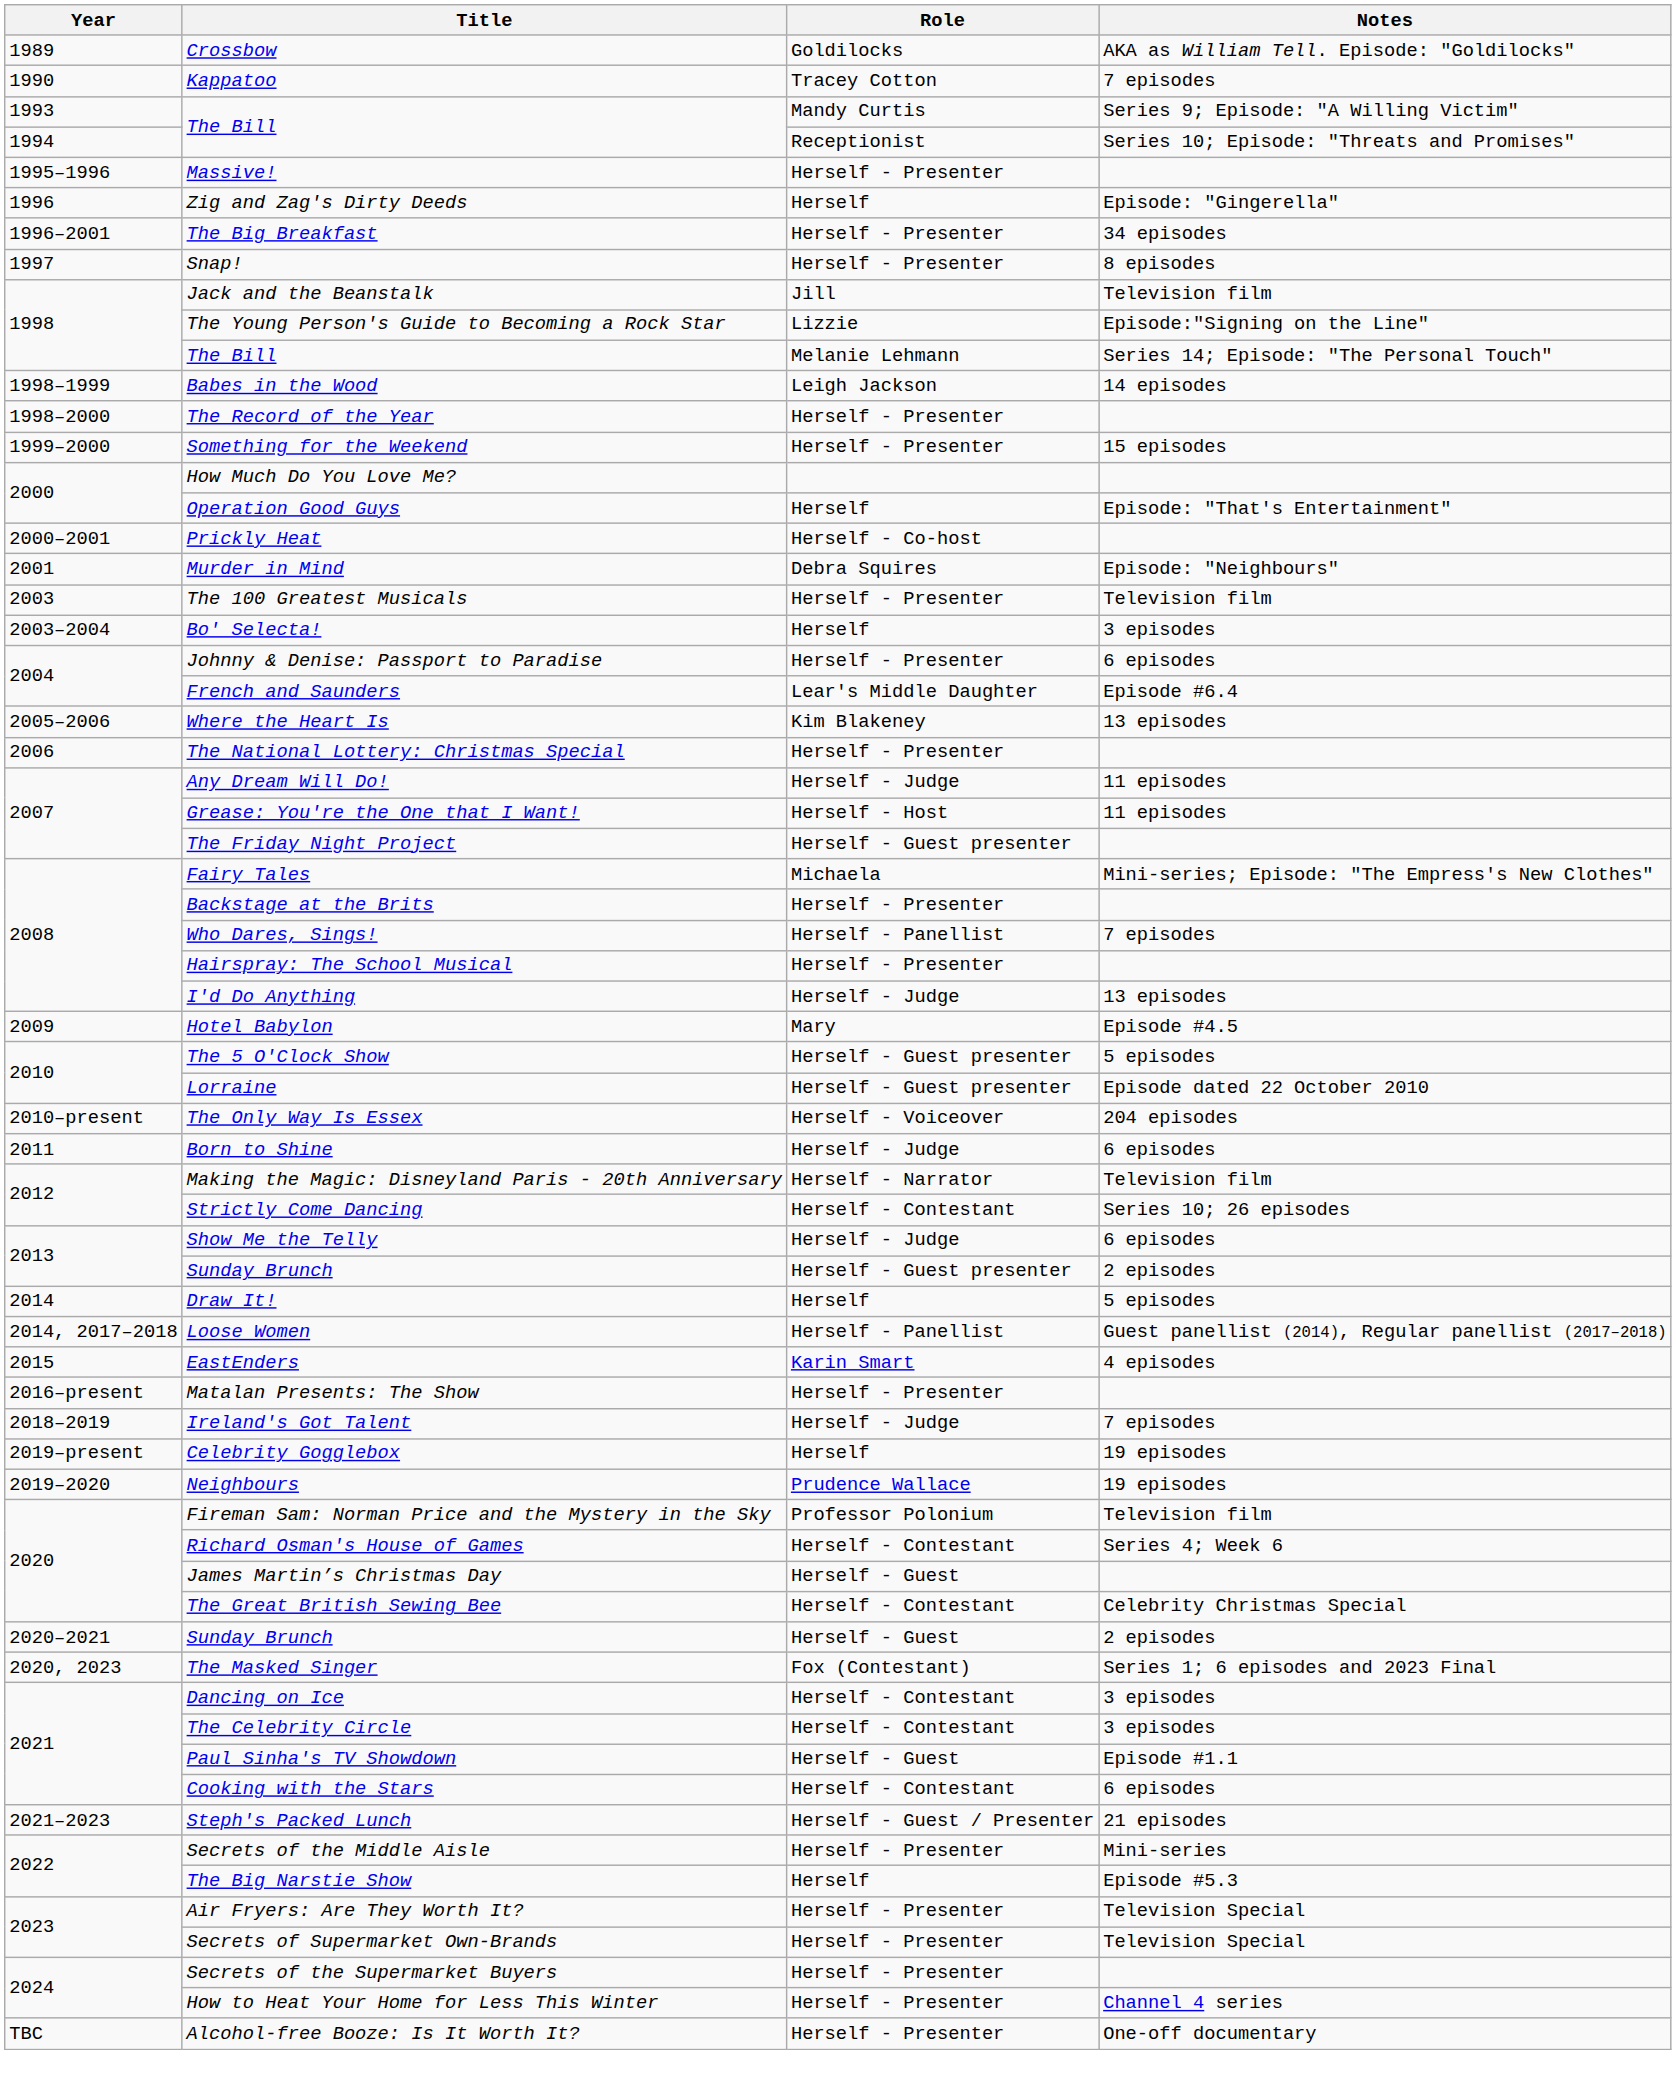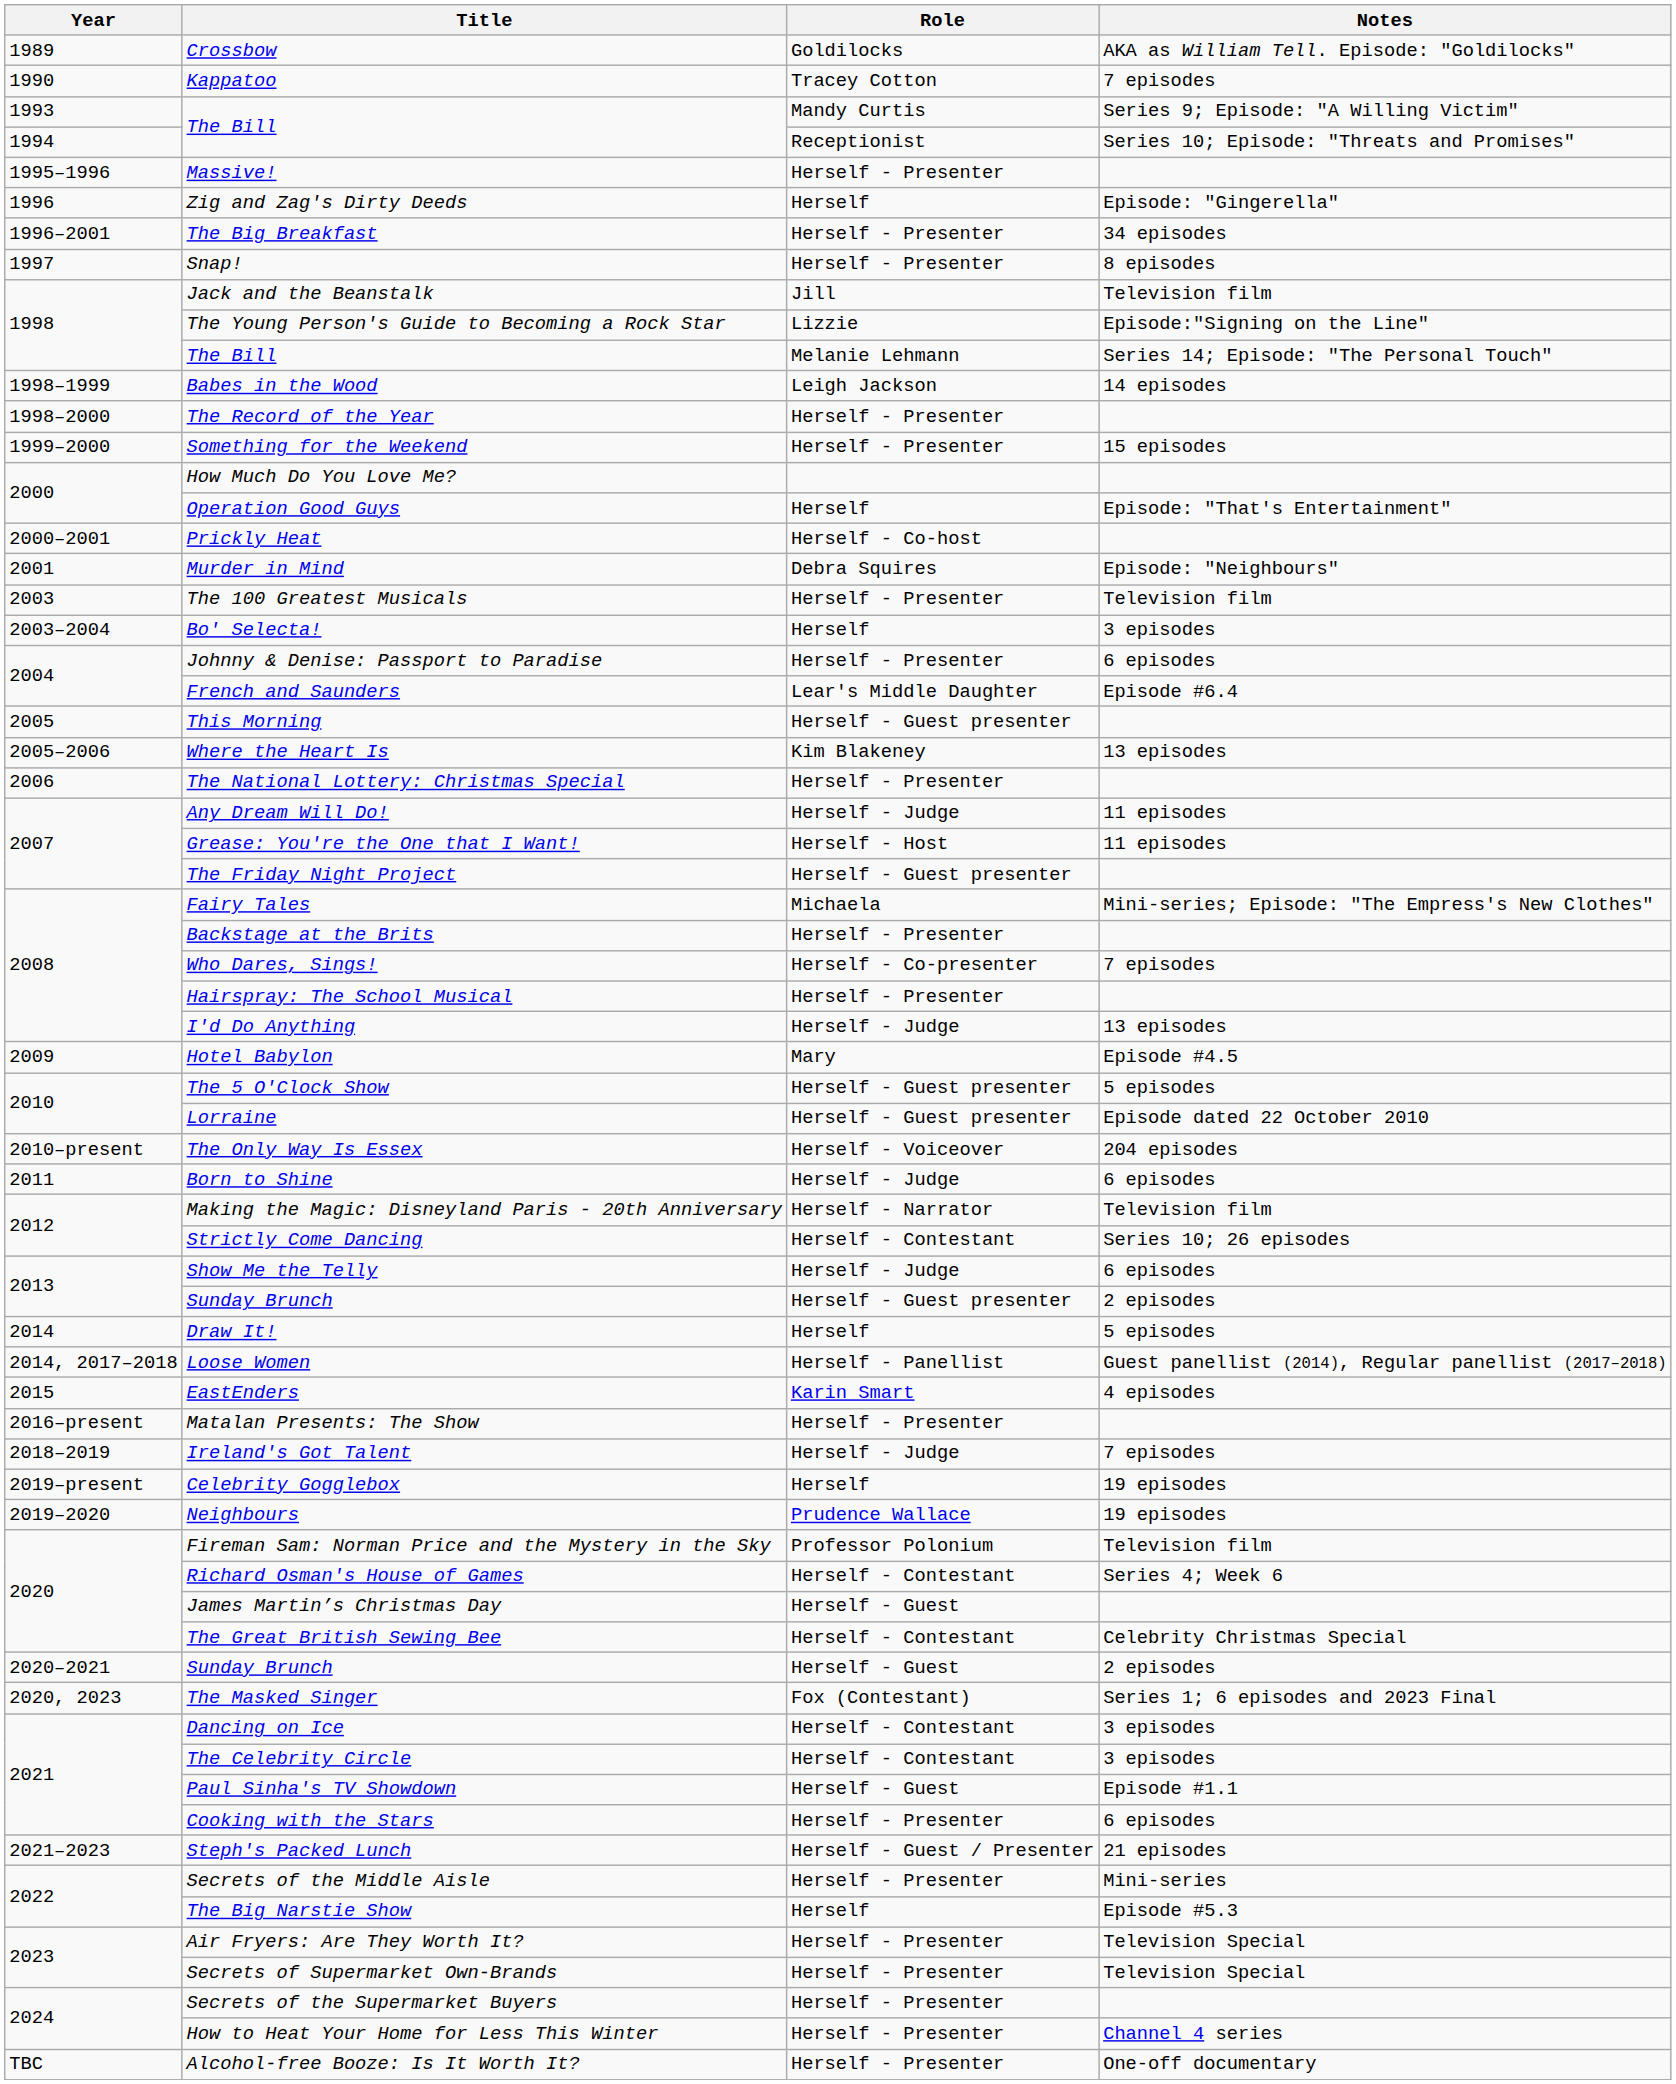 <table class="wikitable sortable">
 <tr>
 <th>Year</th>
 <th>Title</th>
 <th>Role</th>
 <th class="unsortable">Notes</th>
 </tr>
 <tr>
 <td>1989</td>
 <td><em><a href='#'>Crossbow</a></em></td>
 <td>Goldilocks</td>
 <td>AKA as <em>William Tell</em>. Episode: "Goldilocks"</td>
 </tr>
 <tr>
 <td>1990</td>
 <td><em><a href='#'>Kappatoo</a></em></td>
 <td>Tracey Cotton</td>
 <td>7 episodes</td>
 </tr>
 <tr>
 <td>1993</td>
 <td rowspan=2><em><a href='#'>The Bill</a></em></td>
 <td>Mandy Curtis</td>
 <td>Series 9; Episode: "A Willing Victim"</td>
 </tr>
 <tr>
 <td>1994</td>
 <td>Receptionist</td>
 <td>Series 10; Episode: "Threats and Promises"</td>
 </tr>
 <tr>
 <td>1995–1996</td>
 <td><em><a href='#'>Massive!</a></em></td>
 <td>Herself - Presenter</td>
 <td></td>
 </tr>
 <tr>
 <td>1996</td>
 <td><em>Zig and Zag's Dirty Deeds</em></td>
 <td>Herself</td>
 <td>Episode: "Gingerella"</td>
 </tr>
 <tr>
 <td>1996–2001</td>
 <td><em><a href='#'>The Big Breakfast</a></em></td>
 <td>Herself - Presenter</td>
 <td>34 episodes</td>
 </tr>
 <tr>
 <td>1997</td>
 <td><em>Snap!</em></td>
 <td>Herself - Presenter</td>
 <td>8 episodes</td>
 </tr>
 <tr>
 <td rowspan=3>1998</td>
 <td><em>Jack and the Beanstalk</em></td>
 <td>Jill</td>
 <td>Television film</td>
 </tr>
 <tr>
 <td><em>The Young Person's Guide to Becoming a Rock Star</em></td>
 <td>Lizzie</td>
 <td>Episode:"Signing on the Line"</td>
 </tr>
 <tr>
 <td><em><a href='#'>The Bill</a></em></td>
 <td>Melanie Lehmann</td>
 <td>Series 14; Episode: "The Personal Touch"</td>
 </tr>
 <tr>
 <td>1998–1999</td>
 <td><em><a href='#'>Babes in the Wood</a></em></td>
 <td>Leigh Jackson</td>
 <td>14 episodes</td>
 </tr>
 <tr>
 <td>1998–2000</td>
 <td><em><a href='#'>The Record of the Year</a></em></td>
 <td>Herself - Presenter</td>
 <td></td>
 </tr>
 <tr>
 <td>1999–2000</td>
 <td><em><a href='#'>Something for the Weekend</a></em></td>
 <td>Herself - Presenter</td>
 <td>15 episodes</td>
 </tr>
 <tr>
 <td rowspan=2>2000</td>
 <td><em>How Much Do You Love Me?</em></td>
 <td></td>
 <td></td>
 </tr>
 <tr>
 <td><em><a href='#'>Operation Good Guys</a></em></td>
 <td>Herself</td>
 <td>Episode: "That's Entertainment"</td>
 </tr>
 <tr>
 <td>2000–2001</td>
 <td><em><a href='#'>Prickly Heat</a></em></td>
 <td>Herself - Co-host</td>
 <td></td>
 </tr>
 <tr>
 <td>2001</td>
 <td><em><a href='#'>Murder in Mind</a></em></td>
 <td>Debra Squires</td>
 <td>Episode: "Neighbours"</td>
 </tr>
 <tr>
 <td>2003</td>
 <td><em>The 100 Greatest Musicals</em></td>
 <td>Herself - Presenter</td>
 <td>Television film</td>
 </tr>
 <tr>
 <td>2003–2004</td>
 <td><em><a href='#'>Bo' Selecta!</a></em></td>
 <td>Herself</td>
 <td>3 episodes</td>
 </tr>
 <tr>
 <td rowspan=2>2004</td>
 <td><em>Johnny & Denise: Passport to Paradise</em></td>
 <td>Herself - Presenter</td>
 <td>6 episodes</td>
 </tr>
 <tr>
 <td><em><a href='#'>French and Saunders</a></em></td>
 <td>Lear's Middle Daughter</td>
 <td>Episode #6.4</td>
 </tr>
 <tr>
+<td>2005</td>
+<td><em><a href='#'>This Morning</a></em></td>
+<td>Herself - Guest presenter</td>
+<td></td>
+</tr>
+<tr>
 <td>2005–2006</td>
 <td><em><a href='#'>Where the Heart Is</a></em></td>
 <td>Kim Blakeney</td>
 <td>13 episodes</td>
 </tr>
 <tr>
 <td>2006</td>
 <td><em><a href='#'>The National Lottery: Christmas Special</a></em></td>
 <td>Herself - Presenter</td>
 <td></td>
 </tr>
 <tr>
 <td rowspan=3>2007</td>
 <td><em><a href='#'>Any Dream Will Do!</a></em></td>
 <td>Herself - Judge</td>
 <td>11 episodes</td>
 </tr>
 <tr>
 <td><em><a href='#'>Grease: You're the One that I Want!</a></em></td>
 <td>Herself - Host</td>
 <td>11 episodes</td>
 </tr>
 <tr>
 <td><em><a href='#'>The Friday Night Project</a></em></td>
 <td>Herself - Guest presenter</td>
 <td></td>
 </tr>
 <tr>
 <td rowspan=5>2008</td>
 <td><em><a href='#'>Fairy Tales</a></em></td>
 <td>Michaela</td>
 <td>Mini-series; Episode: "The Empress's New Clothes"</td>
 </tr>
 <tr>
 <td><em><a href='#'>Backstage at the Brits</a></em></td>
 <td>Herself - Presenter</td>
 <td></td>
 </tr>
 <tr>
 <td><em><a href='#'>Who Dares, Sings!</a></em></td>
-<td>Herself - Panellist</td>
+<td>Herself - Co-presenter</td>
 <td>7 episodes</td>
 </tr>
 <tr>
 <td><em><a href='#'>Hairspray: The School Musical</a></em></td>
 <td>Herself - Presenter</td>
 <td></td>
 </tr>
 <tr>
 <td><em><a href='#'>I'd Do Anything</a></em></td>
 <td>Herself - Judge</td>
 <td>13 episodes</td>
 </tr>
 <tr>
 <td>2009</td>
 <td><em><a href='#'>Hotel Babylon</a></em></td>
 <td>Mary</td>
 <td>Episode #4.5</td>
 </tr>
 <tr>
 <td rowspan=2>2010</td>
 <td><em><a href='#'>The 5 O'Clock Show</a></em></td>
 <td>Herself - Guest presenter</td>
 <td>5 episodes</td>
 </tr>
 <tr>
 <td><em><a href='#'>Lorraine</a></em></td>
 <td>Herself - Guest presenter</td>
 <td>Episode dated 22 October 2010</td>
 </tr>
 <tr>
 <td>2010–present</td>
 <td><em><a href='#'>The Only Way Is Essex</a></em></td>
 <td>Herself - Voiceover</td>
 <td>204 episodes</td>
 </tr>
 <tr>
 <td>2011</td>
 <td><em><a href='#'>Born to Shine</a></em></td>
 <td>Herself - Judge</td>
 <td>6 episodes</td>
 </tr>
 <tr>
 <td rowspan=2>2012</td>
 <td><em>Making the Magic: Disneyland Paris - 20th Anniversary</em></td>
 <td>Herself - Narrator</td>
 <td>Television film</td>
 </tr>
 <tr>
 <td><em><a href='#'>Strictly Come Dancing</a></em></td>
 <td>Herself - Contestant</td>
 <td>Series 10; 26 episodes</td>
 </tr>
 <tr>
 <td rowspan=2>2013</td>
 <td><em><a href='#'>Show Me the Telly</a></em></td>
 <td>Herself - Judge</td>
 <td>6 episodes</td>
 </tr>
 <tr>
 <td><em><a href='#'>Sunday Brunch</a></em></td>
 <td>Herself - Guest presenter</td>
 <td>2 episodes</td>
 </tr>
 <tr>
 <td>2014</td>
 <td><em><a href='#'>Draw It!</a></em></td>
 <td>Herself</td>
 <td>5 episodes</td>
 </tr>
 <tr>
 <td>2014, 2017–2018</td>
 <td><em><a href='#'>Loose Women</a></em></td>
 <td>Herself - Panellist</td>
 <td>Guest panellist <small>(2014)</small>, Regular panellist <small>(2017–2018)</small></td>
 </tr>
 <tr>
 <td>2015</td>
 <td><em><a href='#'>EastEnders</a></em></td>
 <td><a href='#'>Karin Smart</a></td>
 <td>4 episodes</td>
 </tr>
 <tr>
 <td>2016–present</td>
 <td><em>Matalan Presents: The Show</em></td>
 <td>Herself - Presenter</td>
 <td></td>
 </tr>
 <tr>
 <td>2018–2019</td>
 <td><em><a href='#'>Ireland's Got Talent</a></em></td>
 <td>Herself - Judge</td>
 <td>7 episodes</td>
 </tr>
 <tr>
 <td>2019–present</td>
 <td><em><a href='#'>Celebrity Gogglebox</a></em></td>
 <td>Herself</td>
 <td>19 episodes</td>
 </tr>
 <tr>
 <td>2019–2020</td>
 <td><em><a href='#'>Neighbours</a></em></td>
 <td><a href='#'>Prudence Wallace</a></td>
 <td>19 episodes</td>
 </tr>
 <tr>
 <td rowspan="4">2020</td>
 <td><em>Fireman Sam: Norman Price and the Mystery in the Sky</em></td>
 <td>Professor Polonium</td>
 <td>Television film</td>
 </tr>
 <tr>
 <td><em><a href='#'>Richard Osman's House of Games</a></em></td>
 <td>Herself - Contestant</td>
 <td>Series 4; Week 6</td>
 </tr>
 <tr>
 <td><em>James Martin’s Christmas Day</em></td>
 <td>Herself - Guest</td>
 <td></td>
 </tr>
 <tr>
 <td><em><a href='#'>The Great British Sewing Bee</a></em></td>
 <td>Herself - Contestant</td>
 <td>Celebrity Christmas Special</td>
 </tr>
 <tr>
 <td>2020–2021</td>
 <td><em><a href='#'>Sunday Brunch</a></em></td>
 <td>Herself - Guest</td>
 <td>2 episodes</td>
 </tr>
 <tr>
 <td>2020, 2023</td>
 <td><em><a href='#'>The Masked Singer</a></em></td>
 <td>Fox (Contestant)</td>
 <td>Series 1; 6 episodes and 2023 Final</td>
 </tr>
 <tr>
 <td rowspan="4">2021</td>
 <td><em><a href='#'>Dancing on Ice</a></em></td>
 <td>Herself - Contestant</td>
 <td>3 episodes</td>
 </tr>
 <tr>
 <td><em><a href='#'>The Celebrity Circle</a></em></td>
 <td>Herself - Contestant</td>
 <td>3 episodes</td>
 </tr>
 <tr>
 <td><em><a href='#'>Paul Sinha's TV Showdown</a></em></td>
 <td>Herself - Guest</td>
 <td>Episode #1.1</td>
 </tr>
 <tr>
 <td><em><a href='#'>Cooking with the Stars</a></em></td>
-<td>Herself - Contestant</td>
+<td>Herself - Presenter</td>
 <td>6 episodes</td>
 </tr>
 <tr>
 <td>2021–2023</td>
 <td><em><a href='#'>Steph's Packed Lunch</a></em></td>
 <td>Herself - Guest / Presenter</td>
 <td>21 episodes</td>
 </tr>
 <tr>
 <td rowspan="2">2022</td>
 <td><em>Secrets of the Middle Aisle</em></td>
 <td>Herself - Presenter</td>
 <td>Mini-series</td>
 </tr>
 <tr>
 <td><em><a href='#'>The Big Narstie Show</a></em></td>
 <td>Herself</td>
 <td>Episode #5.3</td>
 </tr>
 <tr>
 <td rowspan="2">2023</td>
 <td><em>Air Fryers: Are They Worth It?</em></td>
 <td>Herself - Presenter</td>
 <td>Television Special</td>
 </tr>
 <tr>
 <td><em>Secrets of Supermarket Own-Brands</em></td>
 <td>Herself - Presenter</td>
 <td>Television Special</td>
 </tr>
 <tr>
 <td rowspan="2">2024</td>
 <td><em>Secrets of the Supermarket Buyers</em></td>
 <td>Herself - Presenter</td>
 <td></td>
 </tr>
 <tr>
 <td><em>How to Heat Your Home for Less This Winter</em></td>
 <td>Herself - Presenter</td>
 <td><a href='#'>Channel 4</a> series</td>
 </tr>
 <tr>
 <td>TBC</td>
 <td><em>Alcohol-free Booze: Is It Worth It?</em></td>
 <td>Herself - Presenter</td>
 <td>One-off documentary</td>
 </tr>
 </table>
